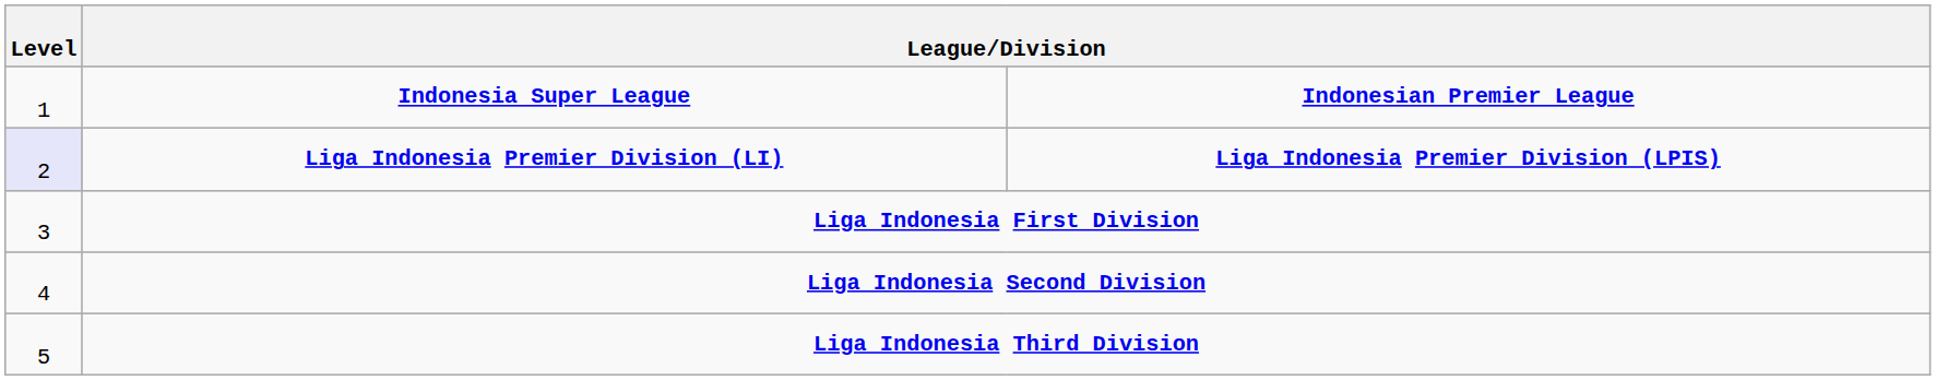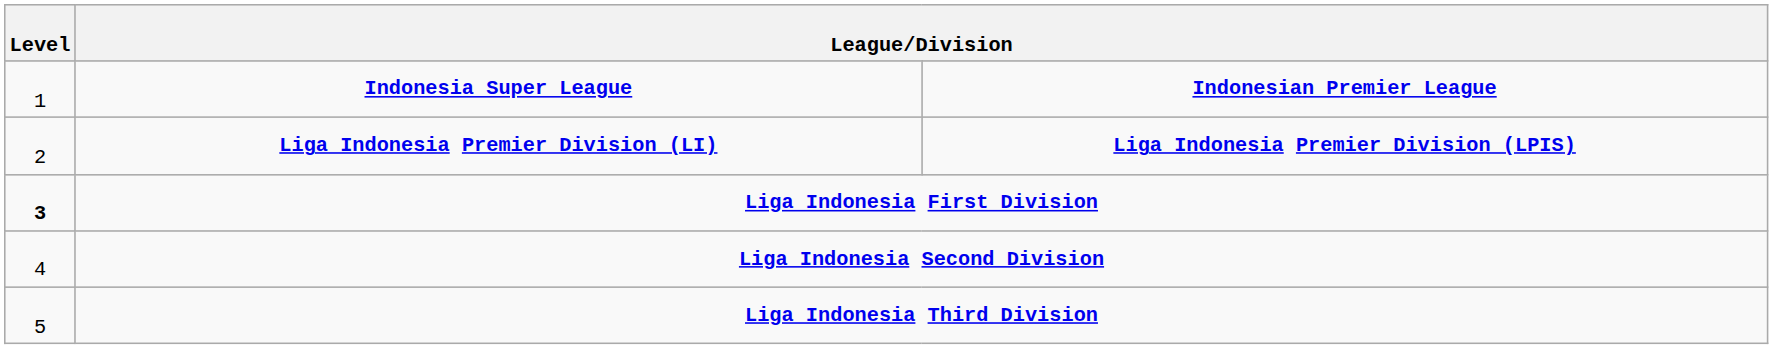 <table class="wikitable" style="text-align: center;">
 <tr>
 <th colspan="1" width="4%"><br>Level</th>
 <th colspan="18" width="96%"><br>League/Division</th>
 </tr>
 <tr>
 <td colspan="1" width="4%"><br>1</td>
 <td colspan="9" width="48%"><strong><a href='#'>Indonesia Super League</a></strong></td>
 <td colspan="9" width="48%"><strong><a href='#'>Indonesian Premier League</a></strong></td>
 </tr>
 <tr>
-<td colspan="1" width="4%" style="background: lavender;"><br>2</td>
+<td colspan="1" width="4%"><br>2</td>
 <td colspan="9" width="48%"><strong><a href='#'>Liga Indonesia</a> <a href='#'>Premier Division (LI)</a></strong></td>
 <td colspan="9" width="48%"><strong><a href='#'>Liga Indonesia</a> <a href='#'>Premier Division (LPIS)</a></strong></td>
 </tr>
 <tr>
-<td colspan="1" width="4%"><br>3</td>
+<td colspan="1" width="4%"><strong><br>3</strong></td>
 <td colspan="18" width="96%"><strong><a href='#'>Liga Indonesia</a> <a href='#'>First Division</a></strong></td>
 </tr>
 <tr>
 <td colspan="1" width="4%"><br>4</td>
 <td colspan="18" width="96%"><strong><a href='#'>Liga Indonesia</a> <a href='#'>Second Division</a></strong></td>
 </tr>
 <tr>
 <td colspan="1" width="4%"><br>5</td>
 <td colspan="18" width="96%"><strong><a href='#'>Liga Indonesia</a> <a href='#'>Third Division</a></strong></td>
 </tr>
 </table>
